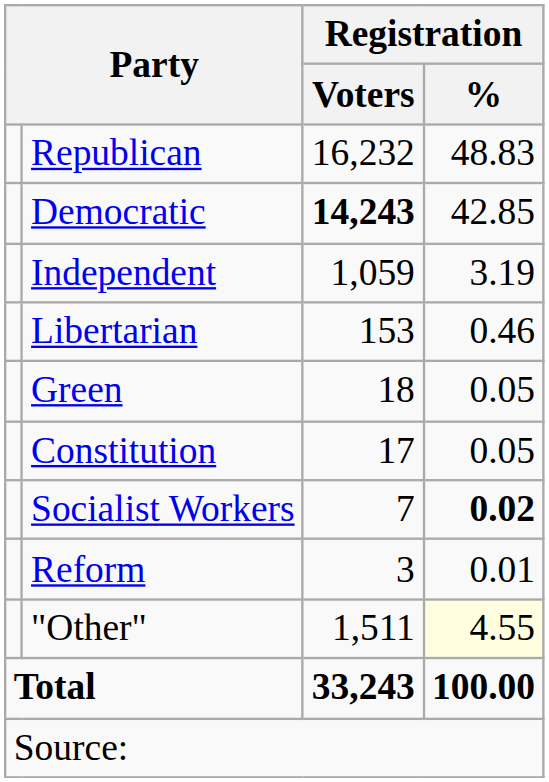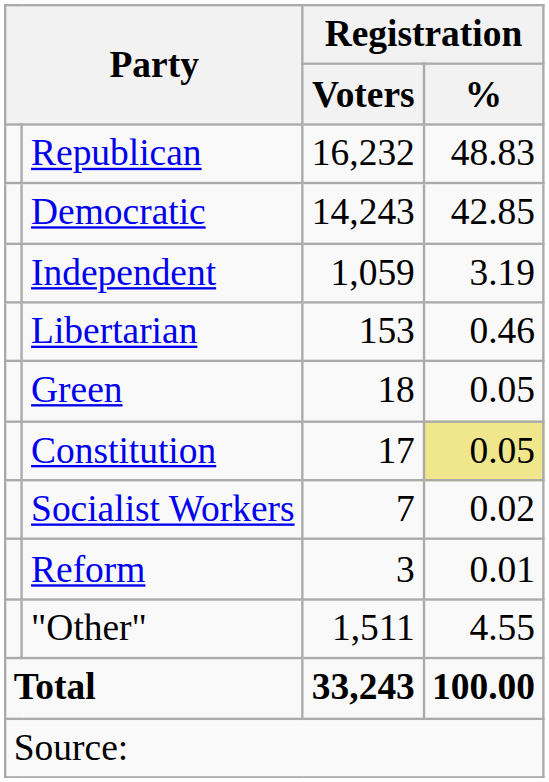 <table class="wikitable">
 <tr>
 <th colspan="2" rowspan="2">Party</th>
 <th colspan="2">Registration</th>
 </tr>
 <tr>
 <th>Voters</th>
 <th>%</th>
 </tr>
 <tr>
 <td style="background-color:"></td>
 <td><a href='#'>Republican</a></td>
 <td style="text-align:right;">16,232</td>
 <td style="text-align:right;">48.83</td>
 </tr>
 <tr>
 <td style="background-color:"></td>
 <td><a href='#'>Democratic</a></td>
-<td style="text-align:right;"><strong>14,243</strong></td>
+<td style="text-align:right;">14,243</td>
 <td style="text-align:right;">42.85</td>
 </tr>
 <tr>
 <td style="background-color:"></td>
 <td><a href='#'>Independent</a></td>
 <td style="text-align:right;">1,059</td>
 <td style="text-align:right;">3.19</td>
 </tr>
 <tr>
 <td style="background-color:"></td>
 <td><a href='#'>Libertarian</a></td>
 <td style="text-align:right;">153</td>
 <td style="text-align:right;">0.46</td>
 </tr>
 <tr>
 <td style="background-color:"></td>
 <td><a href='#'>Green</a></td>
 <td style="text-align:right;">18</td>
 <td style="text-align:right;">0.05</td>
 </tr>
 <tr>
 <td style="background-color:"></td>
 <td><a href='#'>Constitution</a></td>
 <td style="text-align:right;">17</td>
-<td style="text-align:right;">0.05</td>
+<td style="background: khaki; text-align:right;">0.05</td>
 </tr>
 <tr>
 <td style="background-color:"></td>
 <td><a href='#'>Socialist Workers</a></td>
 <td style="text-align:right;">7</td>
-<td style="text-align:right;"><strong>0.02</strong></td>
+<td style="text-align:right;">0.02</td>
 </tr>
 <tr>
 <td style="background-color:"></td>
 <td><a href='#'>Reform</a></td>
 <td style="text-align:right;">3</td>
 <td style="text-align:right;">0.01</td>
 </tr>
 <tr>
 <td></td>
 <td>"Other"</td>
 <td style="text-align:right;">1,511</td>
-<td style="background: lightyellow; text-align:right;">4.55</td>
+<td style="text-align:right;">4.55</td>
 </tr>
 <tr>
 <td colspan="2"><strong>Total</strong></td>
 <td style="text-align:right;"><strong>33,243</strong></td>
 <td style="text-align:right;"><strong>100.00</strong></td>
 </tr>
 <tr>
 <td colspan="4">Source: <em></em></td>
 </tr>
 </table>
